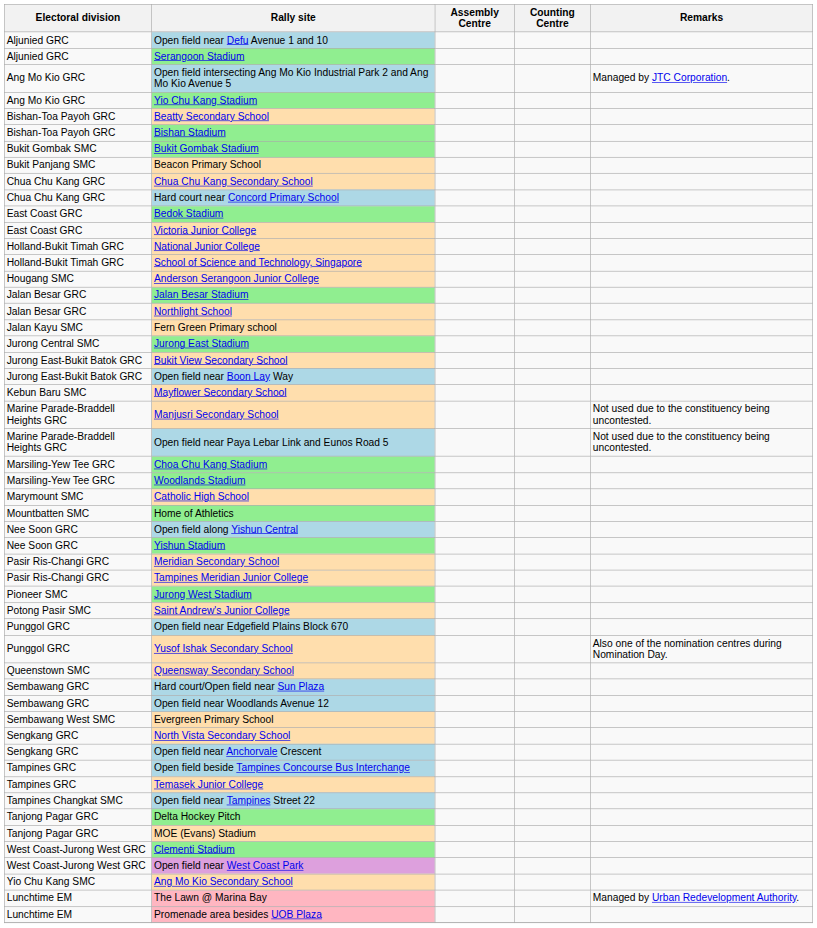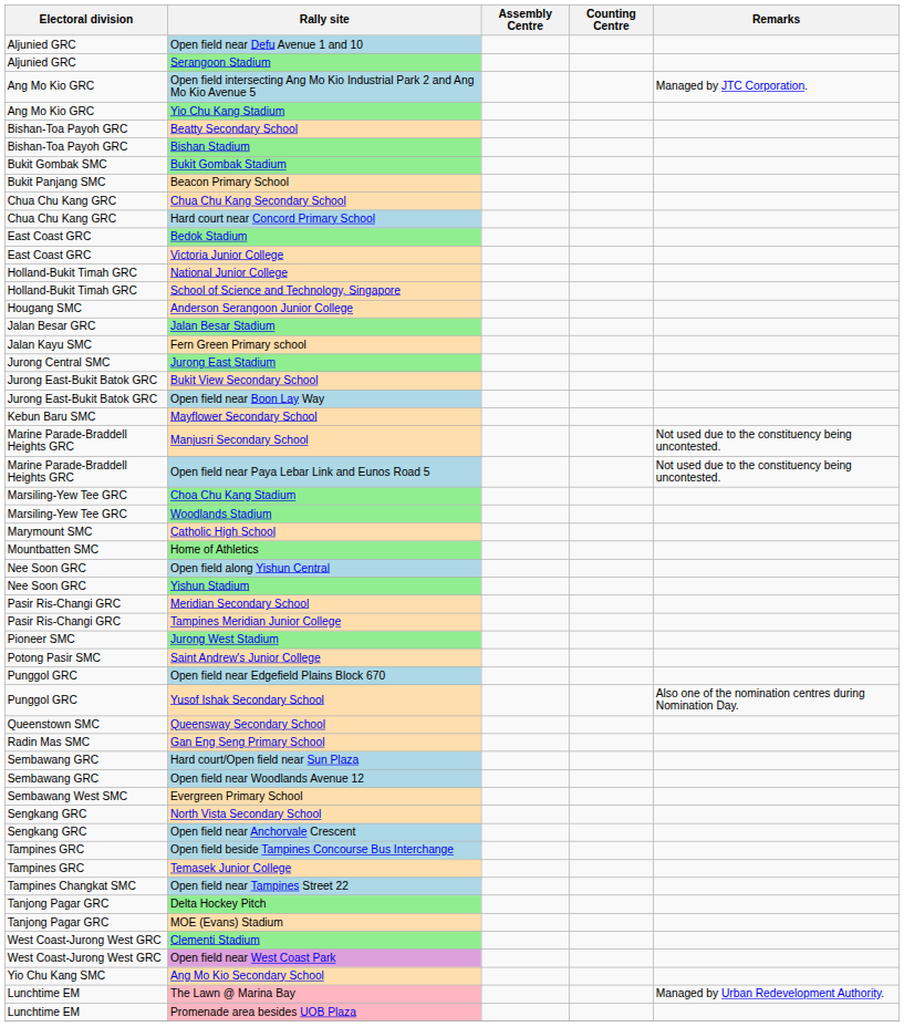 <table class="wikitable collapsible collapsed sortable" style="margin-right:auto;">
 <tr>
 <th>Electoral division</th>
 <th>Rally site</th>
 <th>Assembly Centre</th>
 <th>Counting Centre</th>
 <th>Remarks</th>
 </tr>
 <tr>
 <td>Aljunied GRC</td>
 <td style="background:lightblue;">Open field near <a href='#'>Defu</a> Avenue 1 and 10</td>
 <td></td>
 <td></td>
 <td></td>
 </tr>
 <tr>
 <td>Aljunied GRC</td>
 <td style="background:lightgreen;"><a href='#'>Serangoon Stadium</a></td>
 <td></td>
 <td></td>
 <td></td>
 </tr>
 <tr>
 <td>Ang Mo Kio GRC</td>
 <td style="background:lightblue;">Open field intersecting Ang Mo Kio Industrial Park 2 and Ang Mo Kio Avenue 5</td>
 <td></td>
 <td></td>
 <td>Managed by <a href='#'>JTC Corporation</a>.</td>
 </tr>
 <tr>
 <td>Ang Mo Kio GRC</td>
 <td style="background:lightgreen;"><a href='#'>Yio Chu Kang Stadium</a></td>
 <td></td>
 <td></td>
 <td></td>
 </tr>
 <tr>
 <td>Bishan-Toa Payoh GRC</td>
 <td style="background:navajowhite"><a href='#'>Beatty Secondary School</a></td>
 <td></td>
 <td></td>
 <td></td>
 </tr>
 <tr>
 <td>Bishan-Toa Payoh GRC</td>
 <td style="background:lightgreen;"><a href='#'>Bishan Stadium</a></td>
 <td></td>
 <td></td>
 <td></td>
 </tr>
 <tr>
 <td>Bukit Gombak SMC</td>
 <td style="background:lightgreen;"><a href='#'>Bukit Gombak Stadium</a></td>
 <td></td>
 <td></td>
 <td></td>
 </tr>
 <tr>
 <td>Bukit Panjang SMC</td>
 <td style="background:navajowhite">Beacon Primary School</td>
 <td></td>
 <td></td>
 <td></td>
 </tr>
 <tr>
 <td>Chua Chu Kang GRC</td>
 <td style="background:navajowhite"><a href='#'>Chua Chu Kang Secondary School</a></td>
 <td></td>
 <td></td>
 <td></td>
 </tr>
 <tr>
 <td>Chua Chu Kang GRC</td>
 <td style="background:lightblue;">Hard court near <a href='#'>Concord Primary School</a></td>
 <td></td>
 <td></td>
 <td></td>
 </tr>
 <tr>
 <td>East Coast GRC</td>
 <td style="background:lightgreen;"><a href='#'>Bedok Stadium</a></td>
 <td></td>
 <td></td>
 <td></td>
 </tr>
 <tr>
 <td>East Coast GRC</td>
 <td style="background:navajowhite"><a href='#'>Victoria Junior College</a></td>
 <td></td>
 <td></td>
 <td></td>
 </tr>
 <tr>
 <td>Holland-Bukit Timah GRC</td>
 <td style="background:navajowhite"><a href='#'>National Junior College</a></td>
 <td></td>
 <td></td>
 <td></td>
 </tr>
 <tr>
 <td>Holland-Bukit Timah GRC</td>
 <td style="background:navajowhite"><a href='#'>School of Science and Technology, Singapore</a></td>
 <td></td>
 <td></td>
 <td></td>
 </tr>
 <tr>
 <td>Hougang SMC</td>
 <td style="background:navajowhite"><a href='#'>Anderson Serangoon Junior College</a></td>
 <td></td>
 <td></td>
 <td></td>
 </tr>
 <tr>
 <td>Jalan Besar GRC</td>
 <td style="background:lightgreen;"><a href='#'>Jalan Besar Stadium</a></td>
-<td></td>
-<td></td>
-<td></td>
-</tr>
-<tr>
-<td>Jalan Besar GRC</td>
-<td style="background:navajowhite"><a href='#'>Northlight School</a></td>
 <td></td>
 <td></td>
 <td></td>
 </tr>
 <tr>
 <td>Jalan Kayu SMC</td>
 <td style="background:navajowhite">Fern Green Primary school</td>
 <td></td>
 <td></td>
 <td></td>
 </tr>
 <tr>
 <td>Jurong Central SMC</td>
 <td style="background:lightgreen;"><a href='#'>Jurong East Stadium</a></td>
 <td></td>
 <td></td>
 <td></td>
 </tr>
 <tr>
 <td>Jurong East-Bukit Batok GRC</td>
 <td style="background:navajowhite"><a href='#'>Bukit View Secondary School</a></td>
 <td></td>
 <td></td>
 <td></td>
 </tr>
 <tr>
 <td>Jurong East-Bukit Batok GRC</td>
 <td style="background:lightblue;">Open field near <a href='#'>Boon Lay</a> Way</td>
 <td></td>
 <td></td>
 <td></td>
 </tr>
 <tr>
 <td>Kebun Baru SMC</td>
 <td style="background:navajowhite"><a href='#'>Mayflower Secondary School</a></td>
 <td></td>
 <td></td>
 <td></td>
 </tr>
 <tr>
 <td>Marine Parade-Braddell Heights GRC</td>
 <td style="background:navajowhite"><a href='#'>Manjusri Secondary School</a></td>
 <td></td>
 <td></td>
 <td>Not used due to the constituency being uncontested.</td>
 </tr>
 <tr>
 <td>Marine Parade-Braddell Heights GRC</td>
 <td style="background:lightblue;">Open field near Paya Lebar Link and Eunos Road 5</td>
 <td></td>
 <td></td>
 <td>Not used due to the constituency being uncontested.</td>
 </tr>
 <tr>
 <td>Marsiling-Yew Tee GRC</td>
 <td style="background:lightgreen;"><a href='#'>Choa Chu Kang Stadium</a></td>
 <td></td>
 <td></td>
 <td></td>
 </tr>
 <tr>
 <td>Marsiling-Yew Tee GRC</td>
 <td style="background:lightgreen;"><a href='#'>Woodlands Stadium</a></td>
 <td></td>
 <td></td>
 <td></td>
 </tr>
 <tr>
 <td>Marymount SMC</td>
 <td style="background:navajowhite"><a href='#'>Catholic High School</a></td>
 <td></td>
 <td></td>
 <td></td>
 </tr>
 <tr>
 <td>Mountbatten SMC</td>
 <td style="background:lightgreen;">Home of Athletics</td>
 <td></td>
 <td></td>
 <td></td>
 </tr>
 <tr>
 <td>Nee Soon GRC</td>
 <td style="background:lightblue;">Open field along <a href='#'>Yishun Central</a></td>
 <td></td>
 <td></td>
 <td></td>
 </tr>
 <tr>
 <td>Nee Soon GRC</td>
 <td style="background:lightgreen;"><a href='#'>Yishun Stadium</a></td>
 <td></td>
 <td></td>
 <td></td>
 </tr>
 <tr>
 <td>Pasir Ris-Changi GRC</td>
 <td style="background:navajowhite"><a href='#'>Meridian Secondary School</a></td>
 <td></td>
 <td></td>
 <td></td>
 </tr>
 <tr>
 <td>Pasir Ris-Changi GRC</td>
 <td style="background:navajowhite"><a href='#'>Tampines Meridian Junior College</a></td>
 <td></td>
 <td></td>
 <td></td>
 </tr>
 <tr>
 <td>Pioneer SMC</td>
 <td style="background:lightgreen;"><a href='#'>Jurong West Stadium</a></td>
 <td></td>
 <td></td>
 <td></td>
 </tr>
 <tr>
 <td>Potong Pasir SMC</td>
 <td style="background:navajowhite"><a href='#'>Saint Andrew's Junior College</a></td>
 <td></td>
 <td></td>
 <td></td>
 </tr>
 <tr>
 <td>Punggol GRC</td>
 <td style="background:lightblue;">Open field near Edgefield Plains Block 670</td>
 <td></td>
 <td></td>
 <td></td>
 </tr>
 <tr>
 <td>Punggol GRC</td>
 <td style="background:navajowhite"><a href='#'>Yusof Ishak Secondary School</a></td>
 <td></td>
 <td></td>
 <td>Also one of the nomination centres during Nomination Day.</td>
 </tr>
 <tr>
 <td>Queenstown SMC</td>
 <td style="background:navajowhite"><a href='#'>Queensway Secondary School</a></td>
 <td></td>
 <td></td>
 <td></td>
 </tr>
 <tr>
+<td>Radin Mas SMC</td>
+<td style="background:navajowhite"><a href='#'>Gan Eng Seng Primary School</a></td>
+<td></td>
+<td></td>
+<td></td>
+</tr>
+<tr>
 <td>Sembawang GRC</td>
 <td style="background:lightblue;">Hard court/Open field near <a href='#'>Sun Plaza</a></td>
 <td></td>
 <td></td>
 <td></td>
 </tr>
 <tr>
 <td>Sembawang GRC</td>
 <td style="background:lightblue;">Open field near Woodlands Avenue 12</td>
 <td></td>
 <td></td>
 <td></td>
 </tr>
 <tr>
 <td>Sembawang West SMC</td>
 <td style="background:navajowhite">Evergreen Primary School</td>
 <td></td>
 <td></td>
 <td></td>
 </tr>
 <tr>
 <td>Sengkang GRC</td>
 <td style="background:navajowhite"><a href='#'>North Vista Secondary School</a></td>
 <td></td>
 <td></td>
 <td></td>
 </tr>
 <tr>
 <td>Sengkang GRC</td>
 <td style="background:lightblue;">Open field near <a href='#'>Anchorvale</a> Crescent</td>
 <td></td>
 <td></td>
 <td></td>
 </tr>
 <tr>
 <td>Tampines GRC</td>
 <td style="background:lightblue;">Open field beside <a href='#'>Tampines Concourse Bus Interchange</a></td>
 <td></td>
 <td></td>
 <td></td>
 </tr>
 <tr>
 <td>Tampines GRC</td>
 <td style="background:navajowhite"><a href='#'>Temasek Junior College</a></td>
 <td></td>
 <td></td>
 <td></td>
 </tr>
 <tr>
 <td>Tampines Changkat SMC</td>
 <td style="background:lightblue;">Open field near <a href='#'>Tampines</a> Street 22</td>
 <td></td>
 <td></td>
 <td></td>
 </tr>
 <tr>
 <td>Tanjong Pagar GRC</td>
 <td style="background:lightgreen;">Delta Hockey Pitch</td>
 <td></td>
 <td></td>
 <td></td>
 </tr>
 <tr>
 <td>Tanjong Pagar GRC</td>
 <td style="background:navajowhite">MOE (Evans) Stadium</td>
 <td></td>
 <td></td>
 <td></td>
 </tr>
 <tr>
 <td>West Coast-Jurong West GRC</td>
 <td style="background:lightgreen;"><a href='#'>Clementi Stadium</a></td>
 <td></td>
 <td></td>
 <td></td>
 </tr>
 <tr>
 <td>West Coast-Jurong West GRC</td>
 <td style="background:plum;">Open field near <a href='#'>West Coast Park</a></td>
 <td></td>
 <td></td>
 <td></td>
 </tr>
 <tr>
 <td>Yio Chu Kang SMC</td>
 <td style="background:navajowhite"><a href='#'>Ang Mo Kio Secondary School</a></td>
 <td></td>
 <td></td>
 <td></td>
 </tr>
 <tr>
 <td>Lunchtime EM</td>
 <td style="background:lightpink">The Lawn @ Marina Bay</td>
 <td></td>
 <td></td>
 <td>Managed by <a href='#'>Urban Redevelopment Authority</a>.</td>
 </tr>
 <tr>
 <td>Lunchtime EM</td>
 <td style="background:lightpink">Promenade area besides <a href='#'>UOB Plaza</a></td>
 <td></td>
 <td></td>
 <td></td>
 </tr>
 <tr>
 </tr>
 </table>
